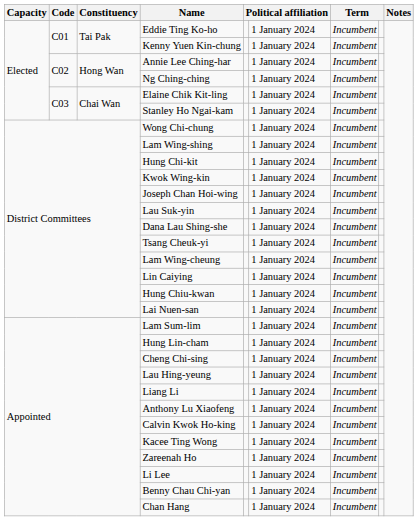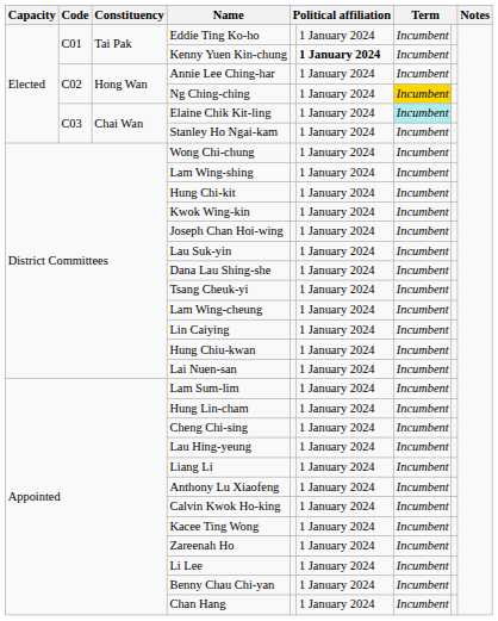 <table class="wikitable sortable">
 <tr>
 <th>Capacity</th>
 <th>Code</th>
 <th>Constituency</th>
 <th>Name</th>
 <th colspan="2">Political affiliation</th>
 <th colspan="2">Term</th>
 <th class="unsortable">Notes</th>
 </tr>
 <tr>
 <td rowspan="6">Elected</td>
 <td rowspan="2">C01</td>
 <td rowspan="2">Tai Pak</td>
 <td>Eddie Ting Ko-ho</td>
 <td></td>
 <td>1 January 2024</td>
 <td><em>Incumbent</em></td>
 <td></td>
 </tr>
 <tr>
 <td>Kenny Yuen Kin-chung</td>
 <td></td>
-<td>1 January 2024</td>
+<td><strong>1 January 2024</strong></td>
 <td><em>Incumbent</em></td>
 <td></td>
 </tr>
 <tr>
 <td rowspan="2">C02</td>
 <td rowspan="2">Hong Wan</td>
 <td>Annie Lee Ching-har</td>
 <td></td>
 <td>1 January 2024</td>
 <td><em>Incumbent</em></td>
 <td></td>
 </tr>
 <tr>
 <td>Ng Ching-ching</td>
 <td></td>
 <td>1 January 2024</td>
-<td><em>Incumbent</em></td>
+<td style="background: gold;"><em>Incumbent</em></td>
 <td></td>
 </tr>
 <tr>
 <td rowspan="2">C03</td>
 <td rowspan="2">Chai Wan</td>
 <td>Elaine Chik Kit-ling</td>
 <td></td>
 <td>1 January 2024</td>
-<td><em>Incumbent</em></td>
+<td style="background: paleturquoise;"><em>Incumbent</em></td>
 <td></td>
 </tr>
 <tr>
 <td>Stanley Ho Ngai-kam</td>
 <td></td>
 <td>1 January 2024</td>
 <td><em>Incumbent</em></td>
 <td></td>
 </tr>
 <tr>
 <td colspan="3" rowspan="12">District Committees</td>
 <td>Wong Chi-chung</td>
 <td></td>
 <td>1 January 2024</td>
 <td><em>Incumbent</em></td>
 <td></td>
 </tr>
 <tr>
 <td>Lam Wing-shing</td>
 <td></td>
 <td>1 January 2024</td>
 <td><em>Incumbent</em></td>
 <td></td>
 </tr>
 <tr>
 <td>Hung Chi-kit</td>
 <td></td>
 <td>1 January 2024</td>
 <td><em>Incumbent</em></td>
 <td></td>
 </tr>
 <tr>
 <td>Kwok Wing-kin</td>
 <td></td>
 <td>1 January 2024</td>
 <td><em>Incumbent</em></td>
 <td></td>
 </tr>
 <tr>
 <td>Joseph Chan Hoi-wing</td>
 <td></td>
 <td>1 January 2024</td>
 <td><em>Incumbent</em></td>
 <td></td>
 </tr>
 <tr>
 <td>Lau Suk-yin</td>
 <td></td>
 <td>1 January 2024</td>
 <td><em>Incumbent</em></td>
 <td></td>
 </tr>
 <tr>
 <td>Dana Lau Shing-she</td>
 <td></td>
 <td>1 January 2024</td>
 <td><em>Incumbent</em></td>
 <td></td>
 </tr>
 <tr>
 <td>Tsang Cheuk-yi</td>
 <td></td>
 <td>1 January 2024</td>
 <td><em>Incumbent</em></td>
 <td></td>
 </tr>
 <tr>
 <td>Lam Wing-cheung</td>
 <td></td>
 <td>1 January 2024</td>
 <td><em>Incumbent</em></td>
 <td></td>
 </tr>
 <tr>
 <td>Lin Caiying</td>
 <td></td>
 <td>1 January 2024</td>
 <td><em>Incumbent</em></td>
 <td></td>
 </tr>
 <tr>
 <td>Hung Chiu-kwan</td>
 <td></td>
 <td>1 January 2024</td>
 <td><em>Incumbent</em></td>
 <td></td>
 </tr>
 <tr>
 <td>Lai Nuen-san</td>
 <td></td>
 <td>1 January 2024</td>
 <td><em>Incumbent</em></td>
 <td></td>
 </tr>
 <tr>
 <td colspan="3" rowspan="12">Appointed</td>
 <td>Lam Sum-lim</td>
 <td></td>
 <td>1 January 2024</td>
 <td><em>Incumbent</em></td>
 <td></td>
 </tr>
 <tr>
 <td>Hung Lin-cham</td>
 <td></td>
 <td>1 January 2024</td>
 <td><em>Incumbent</em></td>
 <td></td>
 </tr>
 <tr>
 <td>Cheng Chi-sing</td>
 <td></td>
 <td>1 January 2024</td>
 <td><em>Incumbent</em></td>
 <td></td>
 </tr>
 <tr>
 <td>Lau Hing-yeung</td>
 <td></td>
 <td>1 January 2024</td>
 <td><em>Incumbent</em></td>
 <td></td>
 </tr>
 <tr>
 <td>Liang Li</td>
 <td></td>
 <td>1 January 2024</td>
 <td><em>Incumbent</em></td>
 <td></td>
 </tr>
 <tr>
 <td>Anthony Lu Xiaofeng</td>
 <td></td>
 <td>1 January 2024</td>
 <td><em>Incumbent</em></td>
 <td></td>
 </tr>
 <tr>
 <td>Calvin Kwok Ho-king</td>
 <td></td>
 <td>1 January 2024</td>
 <td><em>Incumbent</em></td>
 <td></td>
 </tr>
 <tr>
 <td>Kacee Ting Wong</td>
 <td></td>
 <td>1 January 2024</td>
 <td><em>Incumbent</em></td>
 <td></td>
 </tr>
 <tr>
 <td>Zareenah Ho</td>
 <td></td>
 <td>1 January 2024</td>
 <td><em>Incumbent</em></td>
 <td></td>
 </tr>
 <tr>
 <td>Li Lee</td>
 <td></td>
 <td>1 January 2024</td>
 <td><em>Incumbent</em></td>
 <td></td>
 </tr>
 <tr>
 <td>Benny Chau Chi-yan</td>
 <td></td>
 <td>1 January 2024</td>
 <td><em>Incumbent</em></td>
 <td></td>
 </tr>
 <tr>
 <td>Chan Hang</td>
 <td></td>
 <td>1 January 2024</td>
 <td><em>Incumbent</em></td>
 <td></td>
 </tr>
 </table>
